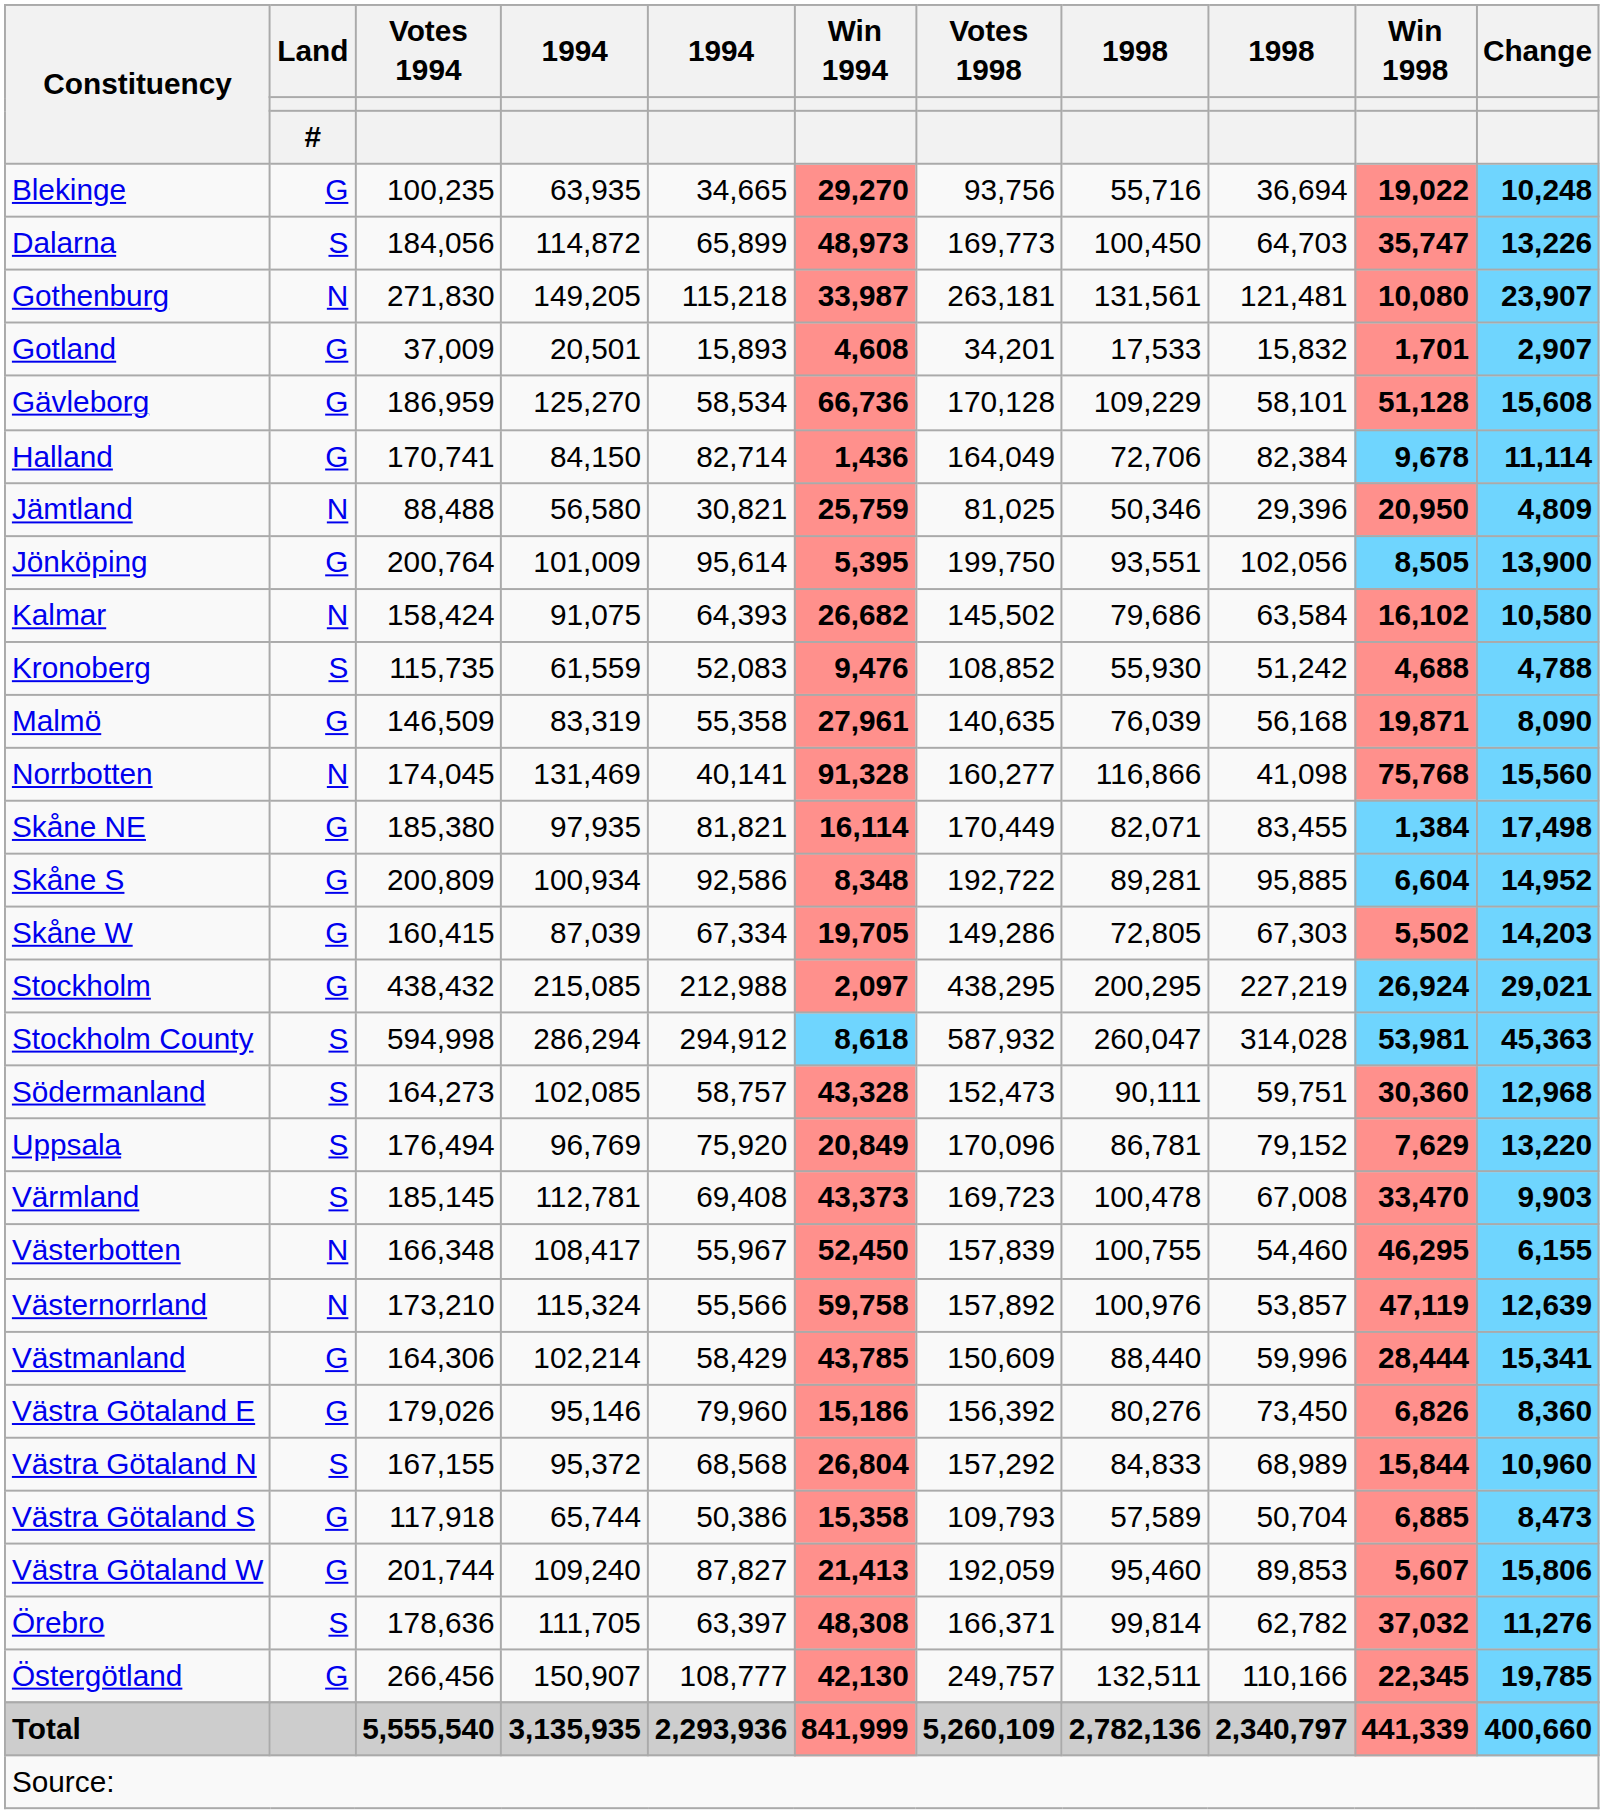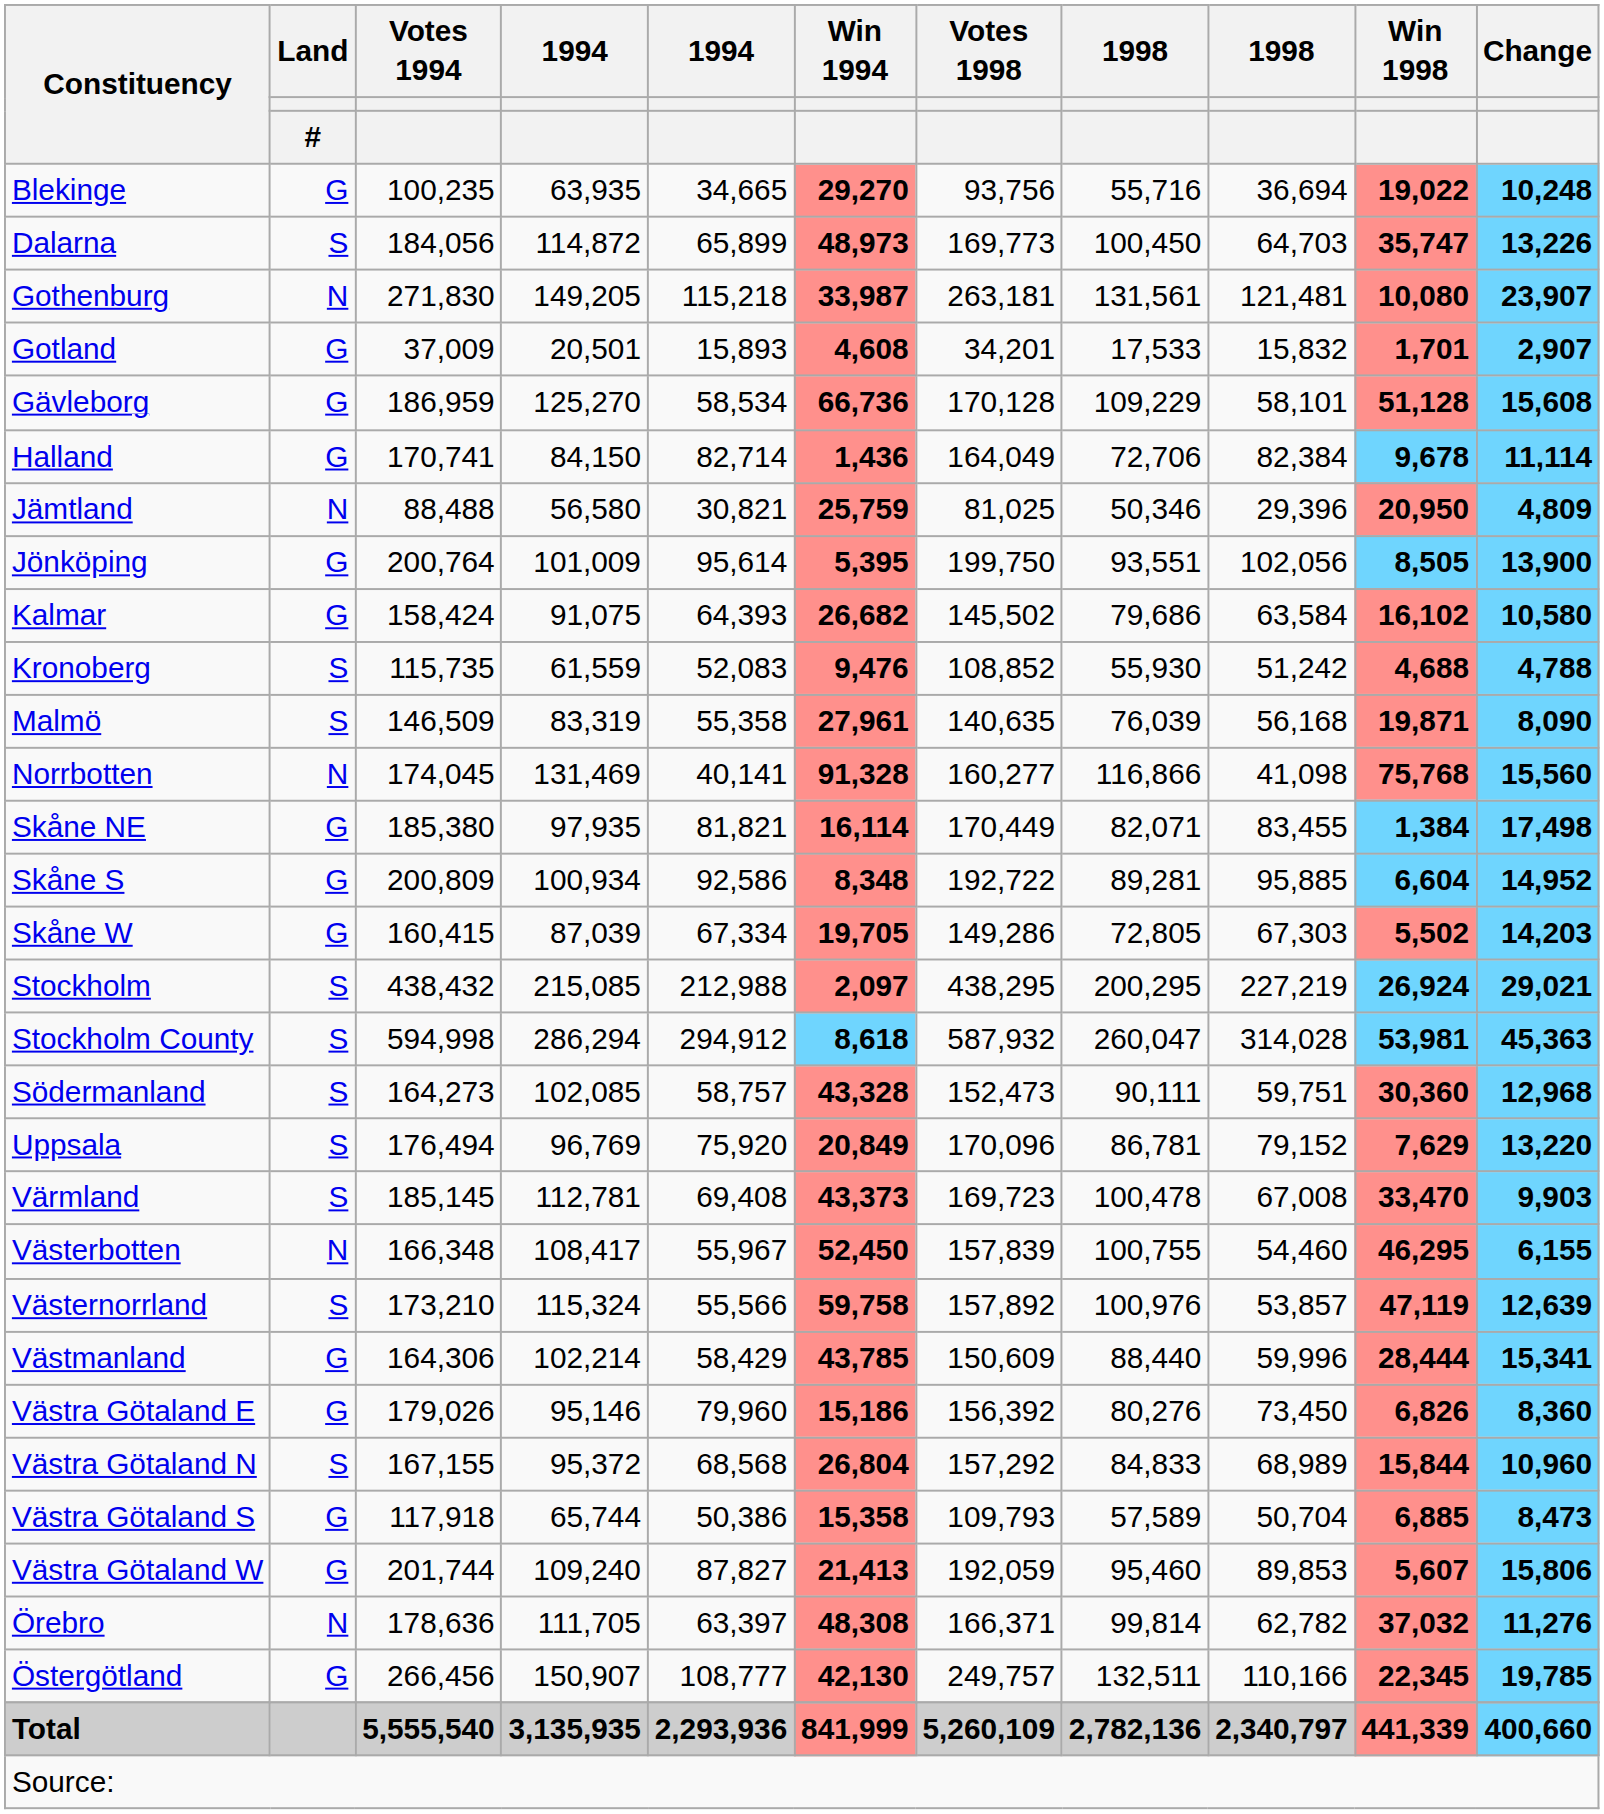 <table class="wikitable sortable" style="text-align:right; font-size:95%; line-height:20px;">
 <tr>
 <th rowspan="3">Constituency</th>
 <th>Land</th>
 <th width="30px" class="unsortable">Votes 1994</th>
 <th> 1994</th>
 <th> 1994</th>
 <th width="30px" class="unsortable">Win 1994</th>
 <th width="30px" class="unsortable">Votes 1998</th>
 <th> 1998</th>
 <th> 1998</th>
 <th width="30px" class="unsortable">Win 1998</th>
 <th width="30px" class="unsortable">Change</th>
 </tr>
 <tr>
 <th></th>
 <th></th>
 <th style="background:"></th>
 <th style="background:"></th>
 <th></th>
 <th></th>
 <th style="background:"></th>
 <th style="background:"></th>
 <th></th>
 <th></th>
 </tr>
 <tr>
 <th data-sort-type="number">#</th>
 <th data-sort-type="number"></th>
 <th data-sort-type="number"></th>
 <th data-sort-type="number"></th>
 <th data-sort-type="number"></th>
 <th data-sort-type="number"></th>
 <th data-sort-type="number"></th>
 <th data-sort-type="number"></th>
 <th data-sort-type="number"></th>
 <th data-sort-type="number"></th>
 </tr>
 <tr>
 <td align="left"><a href='#'>Blekinge</a></td>
 <td><a href='#'>G</a></td>
 <td>100,235</td>
 <td>63,935</td>
 <td>34,665</td>
 <td bgcolor=#ff908c><strong>29,270</strong></td>
 <td>93,756</td>
 <td>55,716</td>
 <td>36,694</td>
 <td bgcolor=#ff908c><strong>19,022</strong></td>
 <td bgcolor=#6fd5fe><strong>10,248</strong></td>
 </tr>
 <tr>
 <td align="left"><a href='#'>Dalarna</a></td>
 <td><a href='#'>S</a></td>
 <td>184,056</td>
 <td>114,872</td>
 <td>65,899</td>
 <td bgcolor=#ff908c><strong>48,973</strong></td>
 <td>169,773</td>
 <td>100,450</td>
 <td>64,703</td>
 <td bgcolor=#ff908c><strong>35,747</strong></td>
 <td bgcolor=#6fd5fe><strong>13,226</strong></td>
 </tr>
 <tr>
 <td align="left"><a href='#'>Gothenburg</a></td>
 <td><a href='#'>N</a></td>
 <td>271,830</td>
 <td>149,205</td>
 <td>115,218</td>
 <td bgcolor=#ff908c><strong>33,987</strong></td>
 <td>263,181</td>
 <td>131,561</td>
 <td>121,481</td>
 <td bgcolor=#ff908c><strong>10,080</strong></td>
 <td bgcolor=#6fd5fe><strong>23,907</strong></td>
 </tr>
 <tr>
 <td align="left"><a href='#'>Gotland</a></td>
 <td><a href='#'>G</a></td>
 <td>37,009</td>
 <td>20,501</td>
 <td>15,893</td>
 <td bgcolor=#ff908c><strong>4,608</strong></td>
 <td>34,201</td>
 <td>17,533</td>
 <td>15,832</td>
 <td bgcolor=#ff908c><strong>1,701</strong></td>
 <td bgcolor=#6fd5fe><strong>2,907</strong></td>
 </tr>
 <tr>
 <td align="left"><a href='#'>Gävleborg</a></td>
 <td><a href='#'>G</a></td>
 <td>186,959</td>
 <td>125,270</td>
 <td>58,534</td>
 <td bgcolor=#ff908c><strong>66,736</strong></td>
 <td>170,128</td>
 <td>109,229</td>
 <td>58,101</td>
 <td bgcolor=#ff908c><strong>51,128</strong></td>
 <td bgcolor=#6fd5fe><strong>15,608</strong></td>
 </tr>
 <tr>
 <td align="left"><a href='#'>Halland</a></td>
 <td><a href='#'>G</a></td>
 <td>170,741</td>
 <td>84,150</td>
 <td>82,714</td>
 <td bgcolor=#ff908c><strong>1,436</strong></td>
 <td>164,049</td>
 <td>72,706</td>
 <td>82,384</td>
 <td bgcolor=#6fd5fe><strong>9,678</strong></td>
 <td bgcolor=#6fd5fe><strong>11,114</strong></td>
 </tr>
 <tr>
 <td align="left"><a href='#'>Jämtland</a></td>
 <td><a href='#'>N</a></td>
 <td>88,488</td>
 <td>56,580</td>
 <td>30,821</td>
 <td bgcolor=#ff908c><strong>25,759</strong></td>
 <td>81,025</td>
 <td>50,346</td>
 <td>29,396</td>
 <td bgcolor=#ff908c><strong>20,950</strong></td>
 <td bgcolor=#6fd5fe><strong>4,809</strong></td>
 </tr>
 <tr>
 <td align="left"><a href='#'>Jönköping</a></td>
 <td><a href='#'>G</a></td>
 <td>200,764</td>
 <td>101,009</td>
 <td>95,614</td>
 <td bgcolor=#ff908c><strong>5,395</strong></td>
 <td>199,750</td>
 <td>93,551</td>
 <td>102,056</td>
 <td bgcolor=#6fd5fe><strong>8,505</strong></td>
 <td bgcolor=#6fd5fe><strong>13,900</strong></td>
 </tr>
 <tr>
 <td align="left"><a href='#'>Kalmar</a></td>
-<td><a href='#'>N</a></td>
+<td><a href='#'>G</a></td>
 <td>158,424</td>
 <td>91,075</td>
 <td>64,393</td>
 <td bgcolor=#ff908c><strong>26,682</strong></td>
 <td>145,502</td>
 <td>79,686</td>
 <td>63,584</td>
 <td bgcolor=#ff908c><strong>16,102</strong></td>
 <td bgcolor=#6fd5fe><strong>10,580</strong></td>
 </tr>
 <tr>
 <td align="left"><a href='#'>Kronoberg</a></td>
 <td><a href='#'>S</a></td>
 <td>115,735</td>
 <td>61,559</td>
 <td>52,083</td>
 <td bgcolor=#ff908c><strong>9,476</strong></td>
 <td>108,852</td>
 <td>55,930</td>
 <td>51,242</td>
 <td bgcolor=#ff908c><strong>4,688</strong></td>
 <td bgcolor=#6fd5fe><strong>4,788</strong></td>
 </tr>
 <tr>
 <td align="left"><a href='#'>Malmö</a></td>
-<td><a href='#'>G</a></td>
+<td><a href='#'>S</a></td>
 <td>146,509</td>
 <td>83,319</td>
 <td>55,358</td>
 <td bgcolor=#ff908c><strong>27,961</strong></td>
 <td>140,635</td>
 <td>76,039</td>
 <td>56,168</td>
 <td bgcolor=#ff908c><strong>19,871</strong></td>
 <td bgcolor=#6fd5fe><strong>8,090</strong></td>
 </tr>
 <tr>
 <td align="left"><a href='#'>Norrbotten</a></td>
 <td><a href='#'>N</a></td>
 <td>174,045</td>
 <td>131,469</td>
 <td>40,141</td>
 <td bgcolor=#ff908c><strong>91,328</strong></td>
 <td>160,277</td>
 <td>116,866</td>
 <td>41,098</td>
 <td bgcolor=#ff908c><strong>75,768</strong></td>
 <td bgcolor=#6fd5fe><strong>15,560</strong></td>
 </tr>
 <tr>
 <td align="left"><a href='#'>Skåne NE</a></td>
 <td><a href='#'>G</a></td>
 <td>185,380</td>
 <td>97,935</td>
 <td>81,821</td>
 <td bgcolor=#ff908c><strong>16,114</strong></td>
 <td>170,449</td>
 <td>82,071</td>
 <td>83,455</td>
 <td bgcolor=#6fd5fe><strong>1,384</strong></td>
 <td bgcolor=#6fd5fe><strong>17,498</strong></td>
 </tr>
 <tr>
 <td align="left"><a href='#'>Skåne S</a></td>
 <td><a href='#'>G</a></td>
 <td>200,809</td>
 <td>100,934</td>
 <td>92,586</td>
 <td bgcolor=#ff908c><strong>8,348</strong></td>
 <td>192,722</td>
 <td>89,281</td>
 <td>95,885</td>
 <td bgcolor=#6fd5fe><strong>6,604</strong></td>
 <td bgcolor=#6fd5fe><strong>14,952</strong></td>
 </tr>
 <tr>
 <td align="left"><a href='#'>Skåne W</a></td>
 <td><a href='#'>G</a></td>
 <td>160,415</td>
 <td>87,039</td>
 <td>67,334</td>
 <td bgcolor=#ff908c><strong>19,705</strong></td>
 <td>149,286</td>
 <td>72,805</td>
 <td>67,303</td>
 <td bgcolor=#ff908c><strong>5,502</strong></td>
 <td bgcolor=#6fd5fe><strong>14,203</strong></td>
 </tr>
 <tr>
 <td align="left"><a href='#'>Stockholm</a></td>
-<td><a href='#'>G</a></td>
+<td><a href='#'>S</a></td>
 <td>438,432</td>
 <td>215,085</td>
 <td>212,988</td>
 <td bgcolor=#ff908c><strong>2,097</strong></td>
 <td>438,295</td>
 <td>200,295</td>
 <td>227,219</td>
 <td bgcolor=#6fd5fe><strong>26,924</strong></td>
 <td bgcolor=#6fd5fe><strong>29,021</strong></td>
 </tr>
 <tr>
 <td align="left"><a href='#'>Stockholm County</a></td>
 <td><a href='#'>S</a></td>
 <td>594,998</td>
 <td>286,294</td>
 <td>294,912</td>
 <td bgcolor=#6fd5fe><strong>8,618</strong></td>
 <td>587,932</td>
 <td>260,047</td>
 <td>314,028</td>
 <td bgcolor=#6fd5fe><strong>53,981</strong></td>
 <td bgcolor=#6fd5fe><strong>45,363</strong></td>
 </tr>
 <tr>
 <td align="left"><a href='#'>Södermanland</a></td>
 <td><a href='#'>S</a></td>
 <td>164,273</td>
 <td>102,085</td>
 <td>58,757</td>
 <td bgcolor=#ff908c><strong>43,328</strong></td>
 <td>152,473</td>
 <td>90,111</td>
 <td>59,751</td>
 <td bgcolor=#ff908c><strong>30,360</strong></td>
 <td bgcolor=#6fd5fe><strong>12,968</strong></td>
 </tr>
 <tr>
 <td align="left"><a href='#'>Uppsala</a></td>
 <td><a href='#'>S</a></td>
 <td>176,494</td>
 <td>96,769</td>
 <td>75,920</td>
 <td bgcolor=#ff908c><strong>20,849</strong></td>
 <td>170,096</td>
 <td>86,781</td>
 <td>79,152</td>
 <td bgcolor=#ff908c><strong>7,629</strong></td>
 <td bgcolor=#6fd5fe><strong>13,220</strong></td>
 </tr>
 <tr>
 <td align="left"><a href='#'>Värmland</a></td>
 <td><a href='#'>S</a></td>
 <td>185,145</td>
 <td>112,781</td>
 <td>69,408</td>
 <td bgcolor=#ff908c><strong>43,373</strong></td>
 <td>169,723</td>
 <td>100,478</td>
 <td>67,008</td>
 <td bgcolor=#ff908c><strong>33,470</strong></td>
 <td bgcolor=#6fd5fe><strong>9,903</strong></td>
 </tr>
 <tr>
 <td align="left"><a href='#'>Västerbotten</a></td>
 <td><a href='#'>N</a></td>
 <td>166,348</td>
 <td>108,417</td>
 <td>55,967</td>
 <td bgcolor=#ff908c><strong>52,450</strong></td>
 <td>157,839</td>
 <td>100,755</td>
 <td>54,460</td>
 <td bgcolor=#ff908c><strong>46,295</strong></td>
 <td bgcolor=#6fd5fe><strong>6,155</strong></td>
 </tr>
 <tr>
 <td align="left"><a href='#'>Västernorrland</a></td>
-<td><a href='#'>N</a></td>
+<td><a href='#'>S</a></td>
 <td>173,210</td>
 <td>115,324</td>
 <td>55,566</td>
 <td bgcolor=#ff908c><strong>59,758</strong></td>
 <td>157,892</td>
 <td>100,976</td>
 <td>53,857</td>
 <td bgcolor=#ff908c><strong>47,119</strong></td>
 <td bgcolor=#6fd5fe><strong>12,639</strong></td>
 </tr>
 <tr>
 <td align="left"><a href='#'>Västmanland</a></td>
 <td><a href='#'>G</a></td>
 <td>164,306</td>
 <td>102,214</td>
 <td>58,429</td>
 <td bgcolor=#ff908c><strong>43,785</strong></td>
 <td>150,609</td>
 <td>88,440</td>
 <td>59,996</td>
 <td bgcolor=#ff908c><strong>28,444</strong></td>
 <td bgcolor=#6fd5fe><strong>15,341</strong></td>
 </tr>
 <tr>
 <td align="left"><a href='#'>Västra Götaland E</a></td>
 <td><a href='#'>G</a></td>
 <td>179,026</td>
 <td>95,146</td>
 <td>79,960</td>
 <td bgcolor=#ff908c><strong>15,186</strong></td>
 <td>156,392</td>
 <td>80,276</td>
 <td>73,450</td>
 <td bgcolor=#ff908c><strong>6,826</strong></td>
 <td bgcolor=#6fd5fe><strong>8,360</strong></td>
 </tr>
 <tr>
 <td align="left"><a href='#'>Västra Götaland N</a></td>
 <td><a href='#'>S</a></td>
 <td>167,155</td>
 <td>95,372</td>
 <td>68,568</td>
 <td bgcolor=#ff908c><strong>26,804</strong></td>
 <td>157,292</td>
 <td>84,833</td>
 <td>68,989</td>
 <td bgcolor=#ff908c><strong>15,844</strong></td>
 <td bgcolor=#6fd5fe><strong>10,960</strong></td>
 </tr>
 <tr>
 <td align="left"><a href='#'>Västra Götaland S</a></td>
 <td><a href='#'>G</a></td>
 <td>117,918</td>
 <td>65,744</td>
 <td>50,386</td>
 <td bgcolor=#ff908c><strong>15,358</strong></td>
 <td>109,793</td>
 <td>57,589</td>
 <td>50,704</td>
 <td bgcolor=#ff908c><strong>6,885</strong></td>
 <td bgcolor=#6fd5fe><strong>8,473</strong></td>
 </tr>
 <tr>
 <td align="left"><a href='#'>Västra Götaland W</a></td>
 <td><a href='#'>G</a></td>
 <td>201,744</td>
 <td>109,240</td>
 <td>87,827</td>
 <td bgcolor=#ff908c><strong>21,413</strong></td>
 <td>192,059</td>
 <td>95,460</td>
 <td>89,853</td>
 <td bgcolor=#ff908c><strong>5,607</strong></td>
 <td bgcolor=#6fd5fe><strong>15,806</strong></td>
 </tr>
 <tr>
 <td align="left"><a href='#'>Örebro</a></td>
-<td><a href='#'>S</a></td>
+<td><a href='#'>N</a></td>
 <td>178,636</td>
 <td>111,705</td>
 <td>63,397</td>
 <td bgcolor=#ff908c><strong>48,308</strong></td>
 <td>166,371</td>
 <td>99,814</td>
 <td>62,782</td>
 <td bgcolor=#ff908c><strong>37,032</strong></td>
 <td bgcolor=#6fd5fe><strong>11,276</strong></td>
 </tr>
 <tr>
 <td align="left"><a href='#'>Östergötland</a></td>
 <td><a href='#'>G</a></td>
 <td>266,456</td>
 <td>150,907</td>
 <td>108,777</td>
 <td bgcolor=#ff908c><strong>42,130</strong></td>
 <td>249,757</td>
 <td>132,511</td>
 <td>110,166</td>
 <td bgcolor=#ff908c><strong>22,345</strong></td>
 <td bgcolor=#6fd5fe><strong>19,785</strong></td>
 </tr>
 <tr>
 </tr>
 <tr style="background:#CDCDCD;">
 <td align="left"><strong>Total</strong></td>
 <td></td>
 <td><strong>5,555,540</strong></td>
 <td><strong>3,135,935</strong></td>
 <td><strong>2,293,936</strong></td>
 <td bgcolor=#ff908c><strong>841,999</strong></td>
 <td><strong>5,260,109</strong></td>
 <td><strong>2,782,136</strong></td>
 <td><strong>2,340,797</strong></td>
 <td bgcolor=#ff908c><strong>441,339</strong></td>
 <td bgcolor=#6fd5fe><strong>400,660</strong></td>
 </tr>
 <tr>
 <td colspan="11" align="left">Source: </td>
 </tr>
 </table>
